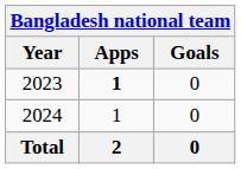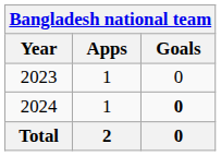 <table class=wikitable style=text-align:center>
 <tr>
 <th colspan=4><a href='#'>Bangladesh national team</a></th>
 </tr>
 <tr>
 <th>Year</th>
 <th>Apps</th>
 <th>Goals</th>
 </tr>
 <tr>
 <td>2023</td>
-<td><strong>1</strong></td>
+<td>1</td>
 <td>0</td>
 </tr>
 <tr>
 <td>2024</td>
 <td>1</td>
-<td>0</td>
+<td><strong>0</strong></td>
 </tr>
 <tr>
 <th colspan=1>Total</th>
 <th>2</th>
 <th>0</th>
 </tr>
 </table>
